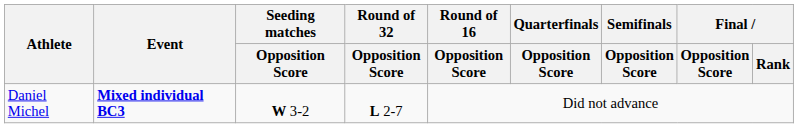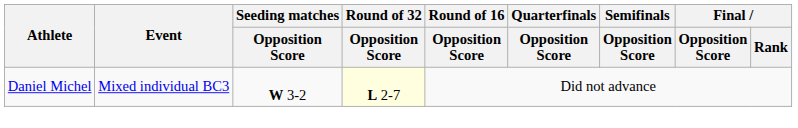 <table class=wikitable>
 <tr>
 <th rowspan="2">Athlete</th>
 <th rowspan="2">Event</th>
 <th>Seeding matches</th>
 <th>Round of 32</th>
 <th>Round of 16</th>
 <th>Quarterfinals</th>
 <th>Semifinals</th>
 <th colspan="2">Final / </th>
 </tr>
 <tr>
 <th>Opposition<br>Score</th>
 <th>Opposition<br>Score</th>
 <th>Opposition<br>Score</th>
 <th>Opposition<br>Score</th>
 <th>Opposition<br>Score</th>
 <th>Opposition<br>Score</th>
 <th>Rank</th>
 </tr>
 <tr>
 <td><a href='#'>Daniel Michel</a></td>
-<td><strong><a href='#'>Mixed individual BC3</a></strong></td>
+<td><a href='#'>Mixed individual BC3</a></td>
 <td align="center"><br><strong>W</strong> 3-2</td>
-<td align="center"><br><strong>L</strong> 2-7</td>
+<td align="center" style="background: lightyellow;"><br><strong>L</strong> 2-7</td>
 <td align="center" colspan=5>Did not advance</td>
 </tr>
 </table>
